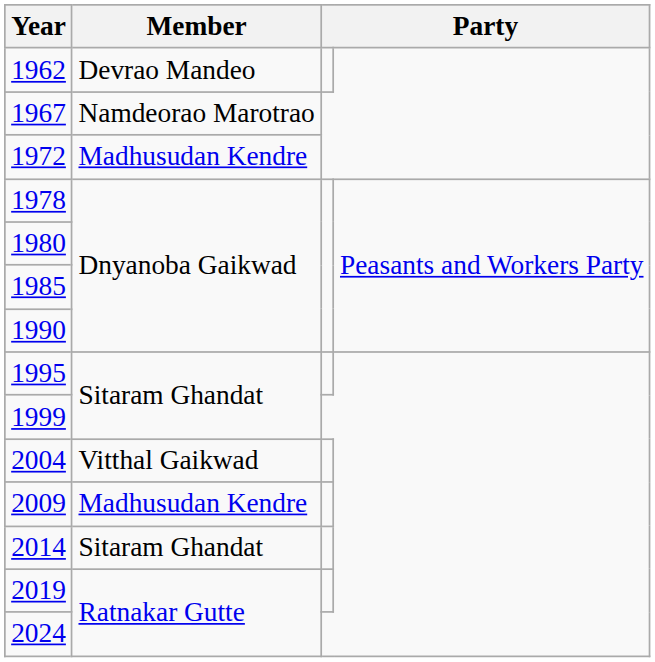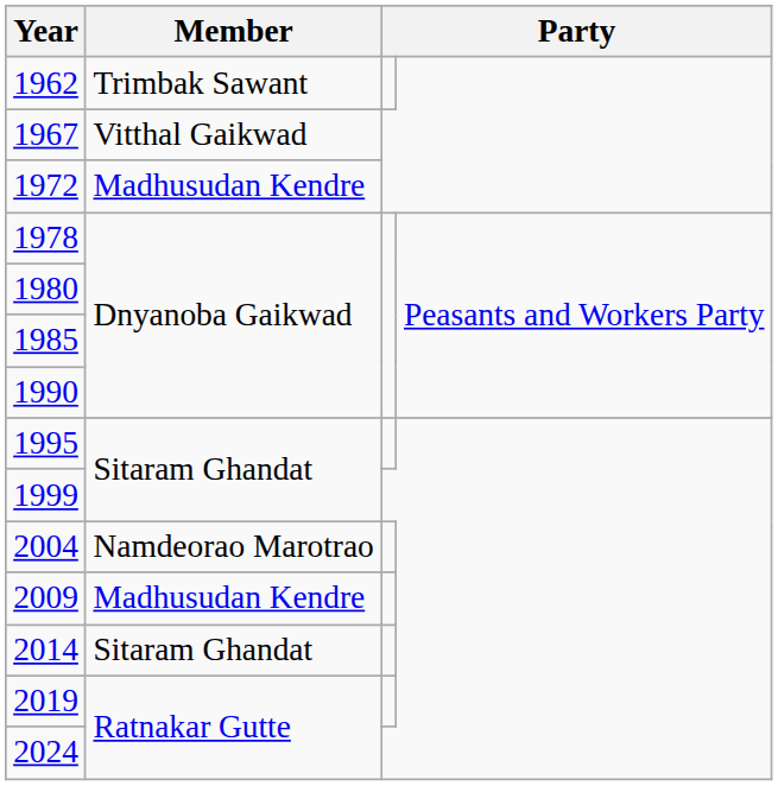 <table class="wikitable">
 <tr>
 <th>Year</th>
 <th>Member</th>
 <th colspan="2">Party</th>
 </tr>
 <tr>
 <td><a href='#'>1962</a></td>
-<td>Devrao Mandeo</td>
+<td>Trimbak Sawant</td>
 <td></td>
 </tr>
 <tr>
 <td><a href='#'>1967</a></td>
-<td>Namdeorao Marotrao</td>
+<td>Vitthal Gaikwad</td>
 </tr>
 <tr>
 <td><a href='#'>1972</a></td>
 <td><a href='#'>Madhusudan Kendre</a></td>
 </tr>
 <tr>
 <td><a href='#'>1978</a></td>
 <td rowspan="4">Dnyanoba Gaikwad</td>
 <td rowspan="4" style="background-color: "></td>
 <td rowspan="4"><a href='#'>Peasants and Workers Party</a></td>
 </tr>
 <tr>
 <td><a href='#'>1980</a></td>
 </tr>
 <tr>
 <td><a href='#'>1985</a></td>
 </tr>
 <tr>
 <td><a href='#'>1990</a></td>
 </tr>
 <tr>
 <td><a href='#'>1995</a></td>
 <td rowspan="2">Sitaram Ghandat</td>
 <td></td>
 </tr>
 <tr>
 <td><a href='#'>1999</a></td>
 </tr>
 <tr>
 <td><a href='#'>2004</a></td>
-<td>Vitthal Gaikwad</td>
+<td>Namdeorao Marotrao</td>
 <td></td>
 </tr>
 <tr>
 <td><a href='#'>2009</a></td>
 <td><a href='#'>Madhusudan Kendre</a></td>
 <td></td>
 </tr>
 <tr>
 <td><a href='#'>2014</a></td>
 <td>Sitaram Ghandat</td>
 <td></td>
 </tr>
 <tr>
 <td><a href='#'>2019</a></td>
 <td Rowspan=2><a href='#'>Ratnakar Gutte</a></td>
 <td></td>
 </tr>
 <tr>
 <td><a href='#'>2024</a></td>
 </tr>
 </table>
